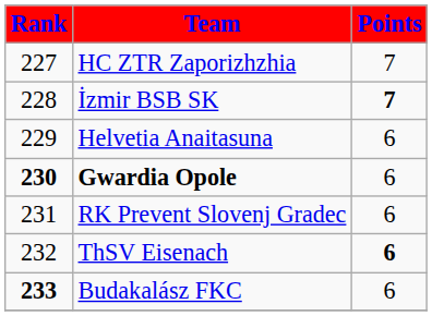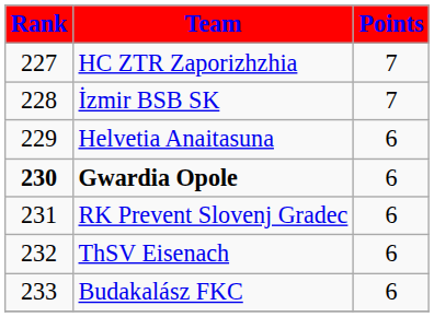 <table class="wikitable" style="text-align: center">
 <tr>
 <th style="color:#0000FF; background:#FF0000">Rank</th>
 <th style="color:#0000FF; background:#FF0000">Team</th>
 <th style="color:#0000FF; background:#FF0000">Points</th>
 </tr>
 <tr>
 <td>227</td>
 <td align=left> <a href='#'>HC ZTR Zaporizhzhia</a></td>
 <td>7</td>
 </tr>
 <tr>
 <td>228</td>
 <td align=left> <a href='#'>İzmir BSB SK</a></td>
-<td><strong>7</strong></td>
+<td>7</td>
 </tr>
 <tr>
 <td>229</td>
 <td align=left> <a href='#'>Helvetia Anaitasuna</a></td>
 <td>6</td>
 </tr>
 <tr>
 <td><strong>230</strong></td>
 <td align=left> <strong>Gwardia Opole</strong></td>
 <td>6</td>
 </tr>
 <tr>
 <td>231</td>
 <td align=left> <a href='#'>RK Prevent Slovenj Gradec</a></td>
 <td>6</td>
 </tr>
 <tr>
 <td>232</td>
 <td align=left> <a href='#'>ThSV Eisenach</a></td>
-<td><strong>6</strong></td>
+<td>6</td>
 </tr>
 <tr>
-<td><strong>233</strong></td>
+<td>233</td>
 <td align=left> <a href='#'>Budakalász FKC</a></td>
 <td>6</td>
 </tr>
 <tr>
 </tr>
 </table>
